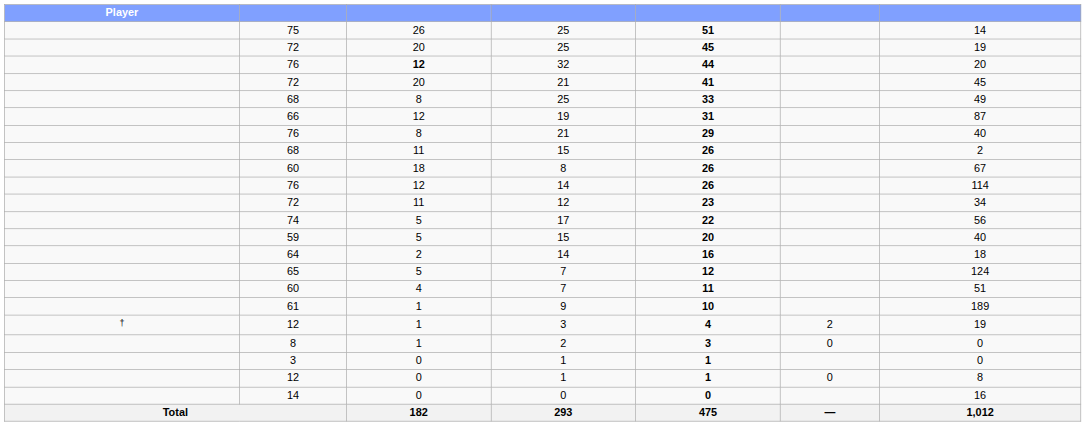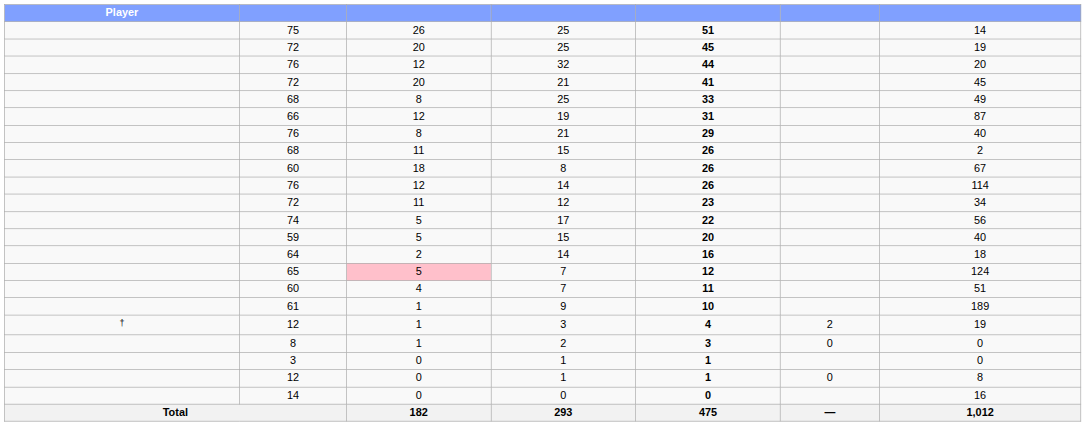 <table class="wikitable sortable" style="width:100%; text-align:center;">
 <tr align=center>
 <th style="color:white; background:#80A0FF; ">Player</th>
 <th style="color:white; background:#80A0FF; "></th>
 <th style="color:white; background:#80A0FF; "></th>
 <th style="color:white; background:#80A0FF; "></th>
 <th style="color:white; background:#80A0FF; "></th>
 <th style="color:white; background:#80A0FF; "></th>
 <th style="color:white; background:#80A0FF; "></th>
 </tr>
 <tr>
 <td></td>
 <td>75</td>
 <td>26</td>
 <td>25</td>
 <td><strong>51</strong></td>
 <td></td>
 <td>14</td>
 </tr>
 <tr>
 <td></td>
 <td>72</td>
 <td>20</td>
 <td>25</td>
 <td><strong>45</strong></td>
 <td></td>
 <td>19</td>
 </tr>
 <tr>
 <td></td>
 <td>76</td>
-<td><strong>12</strong></td>
+<td>12</td>
 <td>32</td>
 <td><strong>44</strong></td>
 <td></td>
 <td>20</td>
 </tr>
 <tr>
 <td></td>
 <td>72</td>
 <td>20</td>
 <td>21</td>
 <td><strong>41</strong></td>
 <td></td>
 <td>45</td>
 </tr>
 <tr>
 <td></td>
 <td>68</td>
 <td>8</td>
 <td>25</td>
 <td><strong>33</strong></td>
 <td></td>
 <td>49</td>
 </tr>
 <tr>
 <td></td>
 <td>66</td>
 <td>12</td>
 <td>19</td>
 <td><strong>31</strong></td>
 <td></td>
 <td>87</td>
 </tr>
 <tr>
 <td></td>
 <td>76</td>
 <td>8</td>
 <td>21</td>
 <td><strong>29</strong></td>
 <td></td>
 <td>40</td>
 </tr>
 <tr>
 <td></td>
 <td>68</td>
 <td>11</td>
 <td>15</td>
 <td><strong>26</strong></td>
 <td></td>
 <td>2</td>
 </tr>
 <tr>
 <td></td>
 <td>60</td>
 <td>18</td>
 <td>8</td>
 <td><strong>26</strong></td>
 <td></td>
 <td>67</td>
 </tr>
 <tr>
 <td></td>
 <td>76</td>
 <td>12</td>
 <td>14</td>
 <td><strong>26</strong></td>
 <td></td>
 <td>114</td>
 </tr>
 <tr>
 <td></td>
 <td>72</td>
 <td>11</td>
 <td>12</td>
 <td><strong>23</strong></td>
 <td></td>
 <td>34</td>
 </tr>
 <tr>
 <td></td>
 <td>74</td>
 <td>5</td>
 <td>17</td>
 <td><strong>22</strong></td>
 <td></td>
 <td>56</td>
 </tr>
 <tr>
 <td></td>
 <td>59</td>
 <td>5</td>
 <td>15</td>
 <td><strong>20</strong></td>
 <td></td>
 <td>40</td>
 </tr>
 <tr>
 <td></td>
 <td>64</td>
 <td>2</td>
 <td>14</td>
 <td><strong>16</strong></td>
 <td></td>
 <td>18</td>
 </tr>
 <tr>
 <td></td>
 <td>65</td>
-<td>5</td>
+<td style="background: pink;">5</td>
 <td>7</td>
 <td><strong>12</strong></td>
 <td></td>
 <td>124</td>
 </tr>
 <tr>
 <td></td>
 <td>60</td>
 <td>4</td>
 <td>7</td>
 <td><strong>11</strong></td>
 <td></td>
 <td>51</td>
 </tr>
 <tr>
 <td></td>
 <td>61</td>
 <td>1</td>
 <td>9</td>
 <td><strong>10</strong></td>
 <td></td>
 <td>189</td>
 </tr>
 <tr>
 <td><sup>†</sup></td>
 <td>12</td>
 <td>1</td>
 <td>3</td>
 <td><strong>4</strong></td>
 <td>2</td>
 <td>19</td>
 </tr>
 <tr>
 <td></td>
 <td>8</td>
 <td>1</td>
 <td>2</td>
 <td><strong>3</strong></td>
 <td>0</td>
 <td>0</td>
 </tr>
 <tr>
 <td></td>
 <td>3</td>
 <td>0</td>
 <td>1</td>
 <td><strong>1</strong></td>
 <td></td>
 <td>0</td>
 </tr>
 <tr>
 <td></td>
 <td>12</td>
 <td>0</td>
 <td>1</td>
 <td><strong>1</strong></td>
 <td>0</td>
 <td>8</td>
 </tr>
 <tr>
 <td></td>
 <td>14</td>
 <td>0</td>
 <td>0</td>
 <td><strong>0</strong></td>
 <td></td>
 <td>16</td>
 </tr>
 <tr class="sortbottom">
 <th colspan=2>Total</th>
 <th>182</th>
 <th>293</th>
 <th>475</th>
 <th>—</th>
 <th>1,012</th>
 </tr>
 </table>
